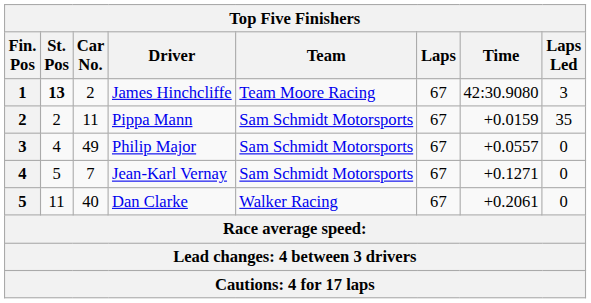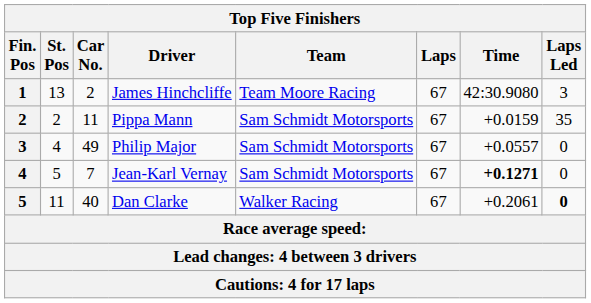 <table class="wikitable" style="font-size:95%;">
 <tr>
 <th colspan=9>Top Five Finishers</th>
 </tr>
 <tr>
 <th>Fin.<br>Pos</th>
 <th>St.<br>Pos</th>
 <th>Car<br>No.</th>
 <th>Driver</th>
 <th>Team</th>
 <th>Laps</th>
 <th>Time</th>
 <th>Laps<br>Led</th>
 </tr>
 <tr>
 <th>1</th>
-<td align=center><strong>13</strong></td>
+<td align=center>13</td>
 <td align=center>2</td>
 <td> <a href='#'>James Hinchcliffe</a></td>
 <td><a href='#'>Team Moore Racing</a></td>
 <td align=center>67</td>
 <td align=right>42:30.9080</td>
 <td align=center>3</td>
 </tr>
 <tr>
 <th>2</th>
 <td align=center>2</td>
 <td align=center>11</td>
 <td> <a href='#'>Pippa Mann</a></td>
 <td><a href='#'>Sam Schmidt Motorsports</a></td>
 <td align=center>67</td>
 <td align=right>+0.0159</td>
 <td align=center>35</td>
 </tr>
 <tr>
 <th>3</th>
 <td align=center>4</td>
 <td align=center>49</td>
 <td> <a href='#'>Philip Major</a></td>
 <td><a href='#'>Sam Schmidt Motorsports</a></td>
 <td align=center>67</td>
 <td align=right>+0.0557</td>
 <td align=center>0</td>
 </tr>
 <tr>
 <th>4</th>
 <td align=center>5</td>
 <td align=center>7</td>
 <td> <a href='#'>Jean-Karl Vernay</a></td>
 <td><a href='#'>Sam Schmidt Motorsports</a></td>
 <td align=center>67</td>
-<td align=right>+0.1271</td>
+<td align=right><strong>+0.1271</strong></td>
 <td align=center>0</td>
 </tr>
 <tr>
 <th>5</th>
 <td align=center>11</td>
 <td align=center>40</td>
 <td> <a href='#'>Dan Clarke</a></td>
 <td><a href='#'>Walker Racing</a></td>
 <td align=center>67</td>
 <td align=right>+0.2061</td>
-<td align=center>0</td>
+<td align=center><strong>0</strong></td>
 </tr>
 <tr>
 <th colspan=9>Race average speed: </th>
 </tr>
 <tr>
 <th colspan=9>Lead changes: 4 between 3 drivers</th>
 </tr>
 <tr>
 <th colspan=9>Cautions: 4 for 17 laps</th>
 </tr>
 </table>
